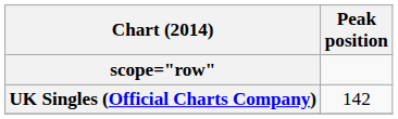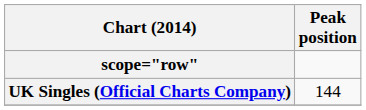 <table class="wikitable sortable plainrowheaders">
 <tr>
 <th scope="col">Chart (2014)</th>
 <th scope="col">Peak<br>position</th>
 </tr>
 <tr>
 <th>scope="row" </th>
 </tr>
 <tr>
 <th scope="row">UK Singles (<a href='#'>Official Charts Company</a>)</th>
-<td align="center">142</td>
+<td align="center">144</td>
 </tr>
 <tr>
 </tr>
 </table>
